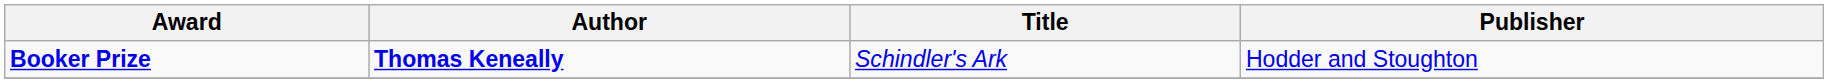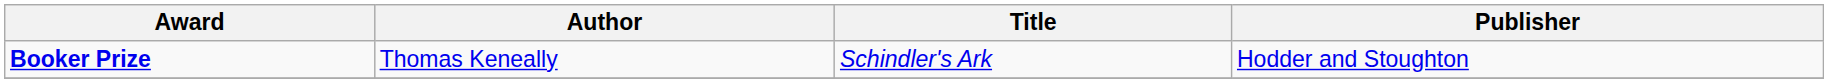 <table class="wikitable" width=100%>
 <tr>
 <th>Award</th>
 <th>Author</th>
 <th>Title</th>
 <th>Publisher</th>
 </tr>
 <tr>
 <td><strong><a href='#'>Booker Prize</a></strong></td>
-<td><strong><a href='#'>Thomas Keneally</a></strong></td>
+<td><a href='#'>Thomas Keneally</a></td>
 <td><em><a href='#'>Schindler's Ark</a></em></td>
 <td><a href='#'>Hodder and Stoughton</a></td>
 </tr>
 <tr>
 </tr>
 </table>
